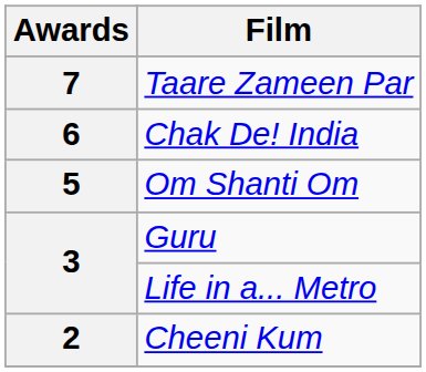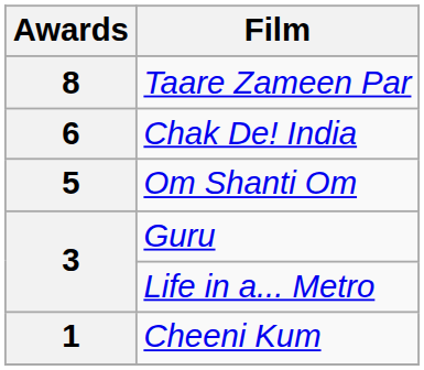 <table class="wikitable" style="display:inline-table;">
 <tr>
 <th>Awards</th>
 <th>Film</th>
 </tr>
 <tr>
-<th>7</th>
+<th>8</th>
 <td><em><a href='#'>Taare Zameen Par</a></em></td>
 </tr>
 <tr>
 <th>6</th>
 <td><em><a href='#'>Chak De! India</a></em></td>
 </tr>
 <tr>
 <th>5</th>
 <td><em><a href='#'>Om Shanti Om</a></em></td>
 </tr>
 <tr>
 <th rowspan="2">3</th>
 <td><em><a href='#'>Guru</a></em></td>
 </tr>
 <tr>
 <td><em><a href='#'>Life in a... Metro</a></em></td>
 </tr>
 <tr>
-<th>2</th>
+<th>1</th>
 <td><em><a href='#'>Cheeni Kum</a></em></td>
 </tr>
 <tr>
 </tr>
 </table>
